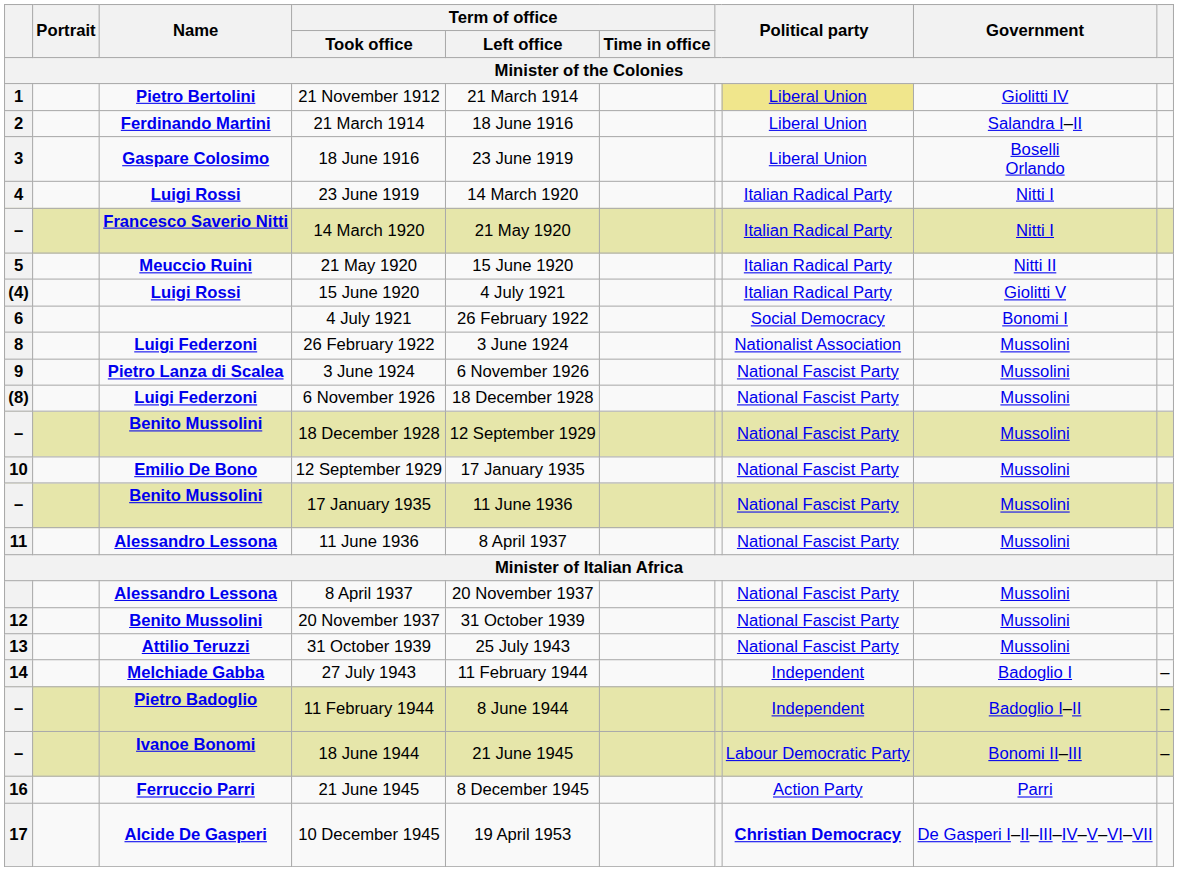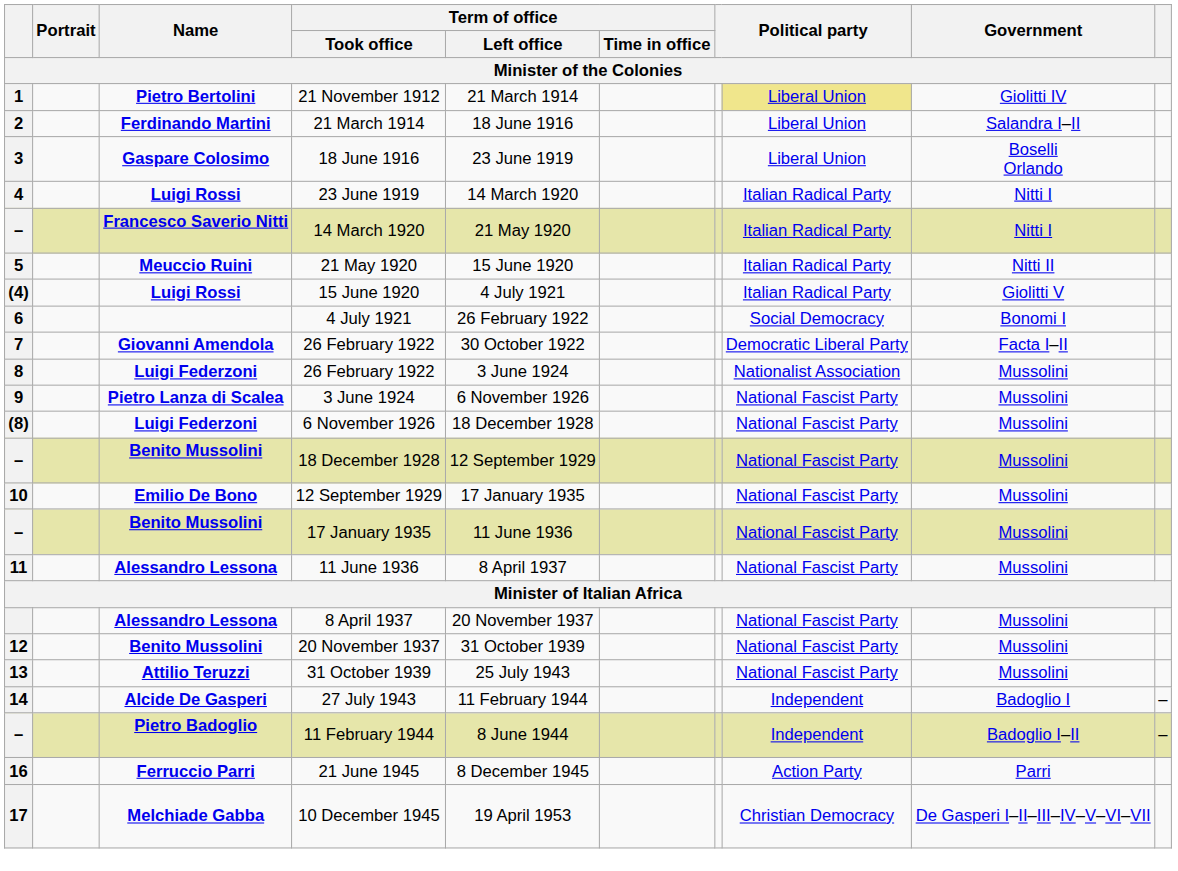 <table class="wikitable" style="text-align:center;">
 <tr>
 <th rowspan=2></th>
 <th rowspan=2>Portrait</th>
 <th rowspan=2>Name<br></th>
 <th colspan=3>Term of office</th>
 <th colspan=2 rowspan=2>Political party</th>
 <th rowspan=2>Government</th>
 <th rowspan=2></th>
 </tr>
 <tr>
 <th>Took office</th>
 <th>Left office</th>
 <th>Time in office</th>
 </tr>
 <tr>
 <th colspan=10>Minister of the Colonies</th>
 </tr>
 <tr style="text-align:center;">
 <th>1</th>
 <td></td>
 <td><strong><a href='#'>Pietro Bertolini</a></strong><br></td>
 <td>21 November 1912</td>
 <td>21 March 1914</td>
 <td></td>
 <td style="background: "></td>
 <td style="background: khaki;"><a href='#'>Liberal Union</a></td>
 <td><a href='#'>Giolitti IV</a></td>
 <td></td>
 </tr>
 <tr style="text-align:center;">
 <th>2</th>
 <td></td>
 <td><strong><a href='#'>Ferdinando Martini</a></strong><br></td>
 <td>21 March 1914</td>
 <td>18 June 1916</td>
 <td></td>
 <td style="background: "></td>
 <td><a href='#'>Liberal Union</a></td>
 <td><a href='#'>Salandra I</a>–<a href='#'>II</a></td>
 <td></td>
 </tr>
 <tr style="text-align:center;">
 <th>3</th>
 <td></td>
 <td><strong><a href='#'>Gaspare Colosimo</a></strong><br></td>
 <td>18 June 1916</td>
 <td>23 June 1919</td>
 <td></td>
 <td style="background: "></td>
 <td><a href='#'>Liberal Union</a></td>
 <td><a href='#'>Boselli</a><br><a href='#'>Orlando</a></td>
 <td></td>
 </tr>
 <tr style="text-align:center;">
 <th>4</th>
 <td></td>
 <td><strong><a href='#'>Luigi Rossi</a></strong><br></td>
 <td>23 June 1919</td>
 <td>14 March 1920</td>
 <td></td>
 <td style="background: "></td>
 <td><a href='#'>Italian Radical Party</a></td>
 <td><a href='#'>Nitti I</a></td>
 <td></td>
 </tr>
 <tr style="text-align:center; background: #E6E6AA; ">
 <th>–</th>
 <td></td>
 <td><strong><a href='#'>Francesco Saverio Nitti</a></strong><br><br></td>
 <td>14 March 1920</td>
 <td>21 May 1920</td>
 <td></td>
 <td style="background: "></td>
 <td><a href='#'>Italian Radical Party</a></td>
 <td><a href='#'>Nitti I</a></td>
 <td></td>
 </tr>
 <tr style="text-align:center;">
 <th>5</th>
 <td></td>
 <td><strong><a href='#'>Meuccio Ruini</a></strong><br></td>
 <td>21 May 1920</td>
 <td>15 June 1920</td>
 <td></td>
 <td style="background: "></td>
 <td><a href='#'>Italian Radical Party</a></td>
 <td><a href='#'>Nitti II</a></td>
 <td></td>
 </tr>
 <tr style="text-align:center;">
 <th>(4)</th>
 <td></td>
 <td><strong><a href='#'>Luigi Rossi</a></strong><br></td>
 <td>15 June 1920</td>
 <td>4 July 1921</td>
 <td></td>
 <td style="background: "></td>
 <td><a href='#'>Italian Radical Party</a></td>
 <td><a href='#'>Giolitti V</a></td>
 <td></td>
 </tr>
 <tr style="text-align:center;">
 <th>6</th>
 <td></td>
 <td><strong></strong><br></td>
 <td>4 July 1921</td>
 <td>26 February 1922</td>
 <td></td>
 <td style="background: "></td>
 <td><a href='#'>Social Democracy</a></td>
 <td><a href='#'>Bonomi I</a></td>
+<td></td>
+</tr>
+<tr style="text-align:center;">
+<th>7</th>
+<td></td>
+<td><strong><a href='#'>Giovanni Amendola</a></strong><br></td>
+<td>26 February 1922</td>
+<td>30 October 1922</td>
+<td></td>
+<td style="background: "></td>
+<td><a href='#'>Democratic Liberal Party</a></td>
+<td><a href='#'>Facta I</a>–<a href='#'>II</a></td>
 <td></td>
 </tr>
 <tr style="text-align:center;">
 <th>8</th>
 <td></td>
 <td><strong><a href='#'>Luigi Federzoni</a></strong><br></td>
 <td>26 February 1922</td>
 <td>3 June 1924</td>
 <td></td>
 <td style="background: "></td>
 <td><a href='#'>Nationalist Association</a></td>
 <td><a href='#'>Mussolini</a></td>
 <td></td>
 </tr>
 <tr style="text-align:center;">
 <th>9</th>
 <td></td>
 <td><strong><a href='#'>Pietro Lanza di Scalea</a></strong><br></td>
 <td>3 June 1924</td>
 <td>6 November 1926</td>
 <td></td>
 <td style="background: "></td>
 <td><a href='#'>National Fascist Party</a></td>
 <td><a href='#'>Mussolini</a></td>
 <td></td>
 </tr>
 <tr style="text-align:center;">
 <th>(8)</th>
 <td></td>
 <td><strong><a href='#'>Luigi Federzoni</a></strong><br></td>
 <td>6 November 1926</td>
 <td>18 December 1928</td>
 <td></td>
 <td style="background: "></td>
 <td><a href='#'>National Fascist Party</a></td>
 <td><a href='#'>Mussolini</a></td>
 <td></td>
 </tr>
 <tr style="text-align:center; background: #E6E6AA; ">
 <th>–</th>
 <td></td>
 <td><strong><a href='#'>Benito Mussolini</a></strong><br><br></td>
 <td>18 December 1928</td>
 <td>12 September 1929</td>
 <td></td>
 <td style="background: "></td>
 <td><a href='#'>National Fascist Party</a></td>
 <td><a href='#'>Mussolini</a></td>
 <td></td>
 </tr>
 <tr style="text-align:center;">
 <th>10</th>
 <td></td>
 <td><strong><a href='#'>Emilio De Bono</a></strong><br></td>
 <td>12 September 1929</td>
 <td>17 January 1935</td>
 <td></td>
 <td style="background: "></td>
 <td><a href='#'>National Fascist Party</a></td>
 <td><a href='#'>Mussolini</a></td>
 <td></td>
 </tr>
 <tr style="text-align:center; background: #E6E6AA; ">
 <th>–</th>
 <td></td>
 <td><strong><a href='#'>Benito Mussolini</a></strong><br><br></td>
 <td>17 January 1935</td>
 <td>11 June 1936</td>
 <td></td>
 <td style="background: "></td>
 <td><a href='#'>National Fascist Party</a></td>
 <td><a href='#'>Mussolini</a></td>
 <td></td>
 </tr>
 <tr style="text-align:center;">
 <th>11</th>
 <td></td>
 <td><strong><a href='#'>Alessandro Lessona</a></strong><br></td>
 <td>11 June 1936</td>
 <td>8 April 1937</td>
 <td></td>
 <td style="background: "></td>
 <td><a href='#'>National Fascist Party</a></td>
 <td><a href='#'>Mussolini</a></td>
 <td></td>
 </tr>
 <tr>
 <th colspan=10>Minister of Italian Africa</th>
 </tr>
 <tr style="text-align:center;">
 <th></th>
 <td></td>
 <td><strong><a href='#'>Alessandro Lessona</a></strong><br></td>
 <td>8 April 1937</td>
 <td>20 November 1937</td>
 <td></td>
 <td style="background: "></td>
 <td><a href='#'>National Fascist Party</a></td>
 <td><a href='#'>Mussolini</a></td>
 <td></td>
 </tr>
 <tr style="text-align:center;">
 <th>12</th>
 <td></td>
 <td><strong><a href='#'>Benito Mussolini</a></strong><br></td>
 <td>20 November 1937</td>
 <td>31 October 1939</td>
 <td></td>
 <td style="background: "></td>
 <td><a href='#'>National Fascist Party</a></td>
 <td><a href='#'>Mussolini</a></td>
 <td></td>
 </tr>
 <tr style="text-align:center;">
 <th>13</th>
 <td></td>
 <td><strong><a href='#'>Attilio Teruzzi</a></strong><br></td>
 <td>31 October 1939</td>
 <td>25 July 1943</td>
 <td></td>
 <td style="background: "></td>
 <td><a href='#'>National Fascist Party</a></td>
 <td><a href='#'>Mussolini</a></td>
 <td></td>
 </tr>
 <tr style="text-align:center;">
 <th>14</th>
 <td></td>
-<td><strong><a href='#'>Melchiade Gabba</a></strong><br></td>
+<td><strong><a href='#'>Alcide De Gasperi</a></strong><br></td>
 <td>27 July 1943</td>
 <td>11 February 1944</td>
 <td></td>
 <td style="background: "></td>
 <td><a href='#'>Independent</a></td>
 <td><a href='#'>Badoglio I</a></td>
 <td>–</td>
 </tr>
 <tr style="text-align:center; background: #E6E6AA; ">
 <th>–</th>
 <td></td>
 <td><strong><a href='#'>Pietro Badoglio</a></strong><br><br></td>
 <td>11 February 1944</td>
 <td>8 June 1944</td>
 <td></td>
 <td style="background: "></td>
 <td><a href='#'>Independent</a></td>
 <td><a href='#'>Badoglio I</a>–<a href='#'>II</a></td>
 <td>–</td>
 </tr>
-<tr style="text-align:center; background: #E6E6AA; ">
-<th>–</th>
-<td></td>
-<td><strong><a href='#'>Ivanoe Bonomi</a></strong><br><br></td>
-<td>18 June 1944</td>
-<td>21 June 1945</td>
-<td></td>
-<td style="background: "></td>
-<td><a href='#'>Labour Democratic Party</a></td>
-<td><a href='#'>Bonomi II</a>–<a href='#'>III</a></td>
-<td>–</td>
-</tr>
 <tr style="text-align:center;">
 <th>16</th>
 <td></td>
 <td><strong><a href='#'>Ferruccio Parri</a></strong><br></td>
 <td>21 June 1945</td>
 <td>8 December 1945</td>
 <td></td>
 <td style="background: "></td>
 <td><a href='#'>Action Party</a></td>
 <td><a href='#'>Parri</a></td>
 <td></td>
 </tr>
 <tr style="text-align:center;">
 <th>17</th>
 <td></td>
-<td><strong><a href='#'>Alcide De Gasperi</a></strong><br></td>
+<td><strong><a href='#'>Melchiade Gabba</a></strong><br></td>
 <td>10 December 1945</td>
 <td>19 April 1953</td>
 <td></td>
 <td style="background: "></td>
-<td><strong><a href='#'>Christian Democracy</a></strong></td>
+<td><a href='#'>Christian Democracy</a></td>
 <td><a href='#'>De Gasperi I</a>–<a href='#'>II</a>–<a href='#'>III</a>–<a href='#'>IV</a>–<a href='#'>V</a>–<a href='#'>VI</a>–<a href='#'>VII</a></td>
 <td><br><br><br></td>
 </tr>
 </table>
